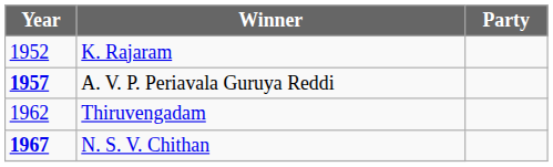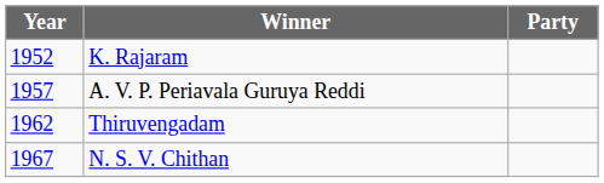 <table class="wikitable" width="50%">
 <tr>
 <th style="background-color:#666666; color:white">Year</th>
 <th style="background-color:#666666; color:white">Winner</th>
 <th style="background-color:#666666; color:white" colspan="2">Party</th>
 </tr>
 <tr>
 <td><a href='#'>1952</a></td>
 <td><a href='#'>K. Rajaram</a></td>
 <td></td>
 </tr>
 <tr>
-<td><strong><a href='#'>1957</a></strong></td>
+<td><a href='#'>1957</a></td>
 <td>A. V. P. Periavala Guruya Reddi</td>
 <td></td>
 </tr>
 <tr>
 <td><a href='#'>1962</a></td>
 <td><a href='#'>Thiruvengadam</a></td>
 <td></td>
 </tr>
 <tr>
-<td><strong><a href='#'>1967</a></strong></td>
+<td><a href='#'>1967</a></td>
 <td><a href='#'>N. S. V. Chithan</a></td>
 </tr>
 <tr>
 </tr>
 </table>
